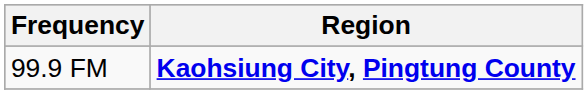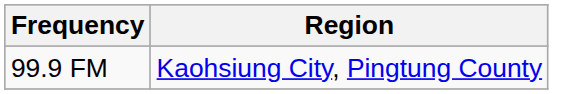 <table class="wikitable">
 <tr>
 <th>Frequency</th>
 <th>Region</th>
 </tr>
 <tr>
 <td>99.9 FM</td>
-<td><strong><a href='#'>Kaohsiung City</a>, <a href='#'>Pingtung County</a></strong></td>
+<td><a href='#'>Kaohsiung City</a>, <a href='#'>Pingtung County</a></td>
 </tr>
 </table>
